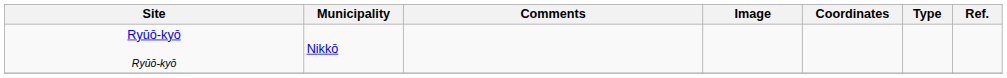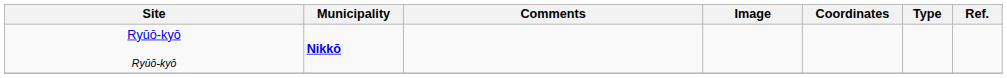 <table class="wikitable sortable"  style="width:100%;">
 <tr>
 <th width="30%" align="left">Site</th>
 <th width="10%" align="left">Municipality</th>
 <th width="30%" align="left" class="unsortable">Comments</th>
 <th width="10%" align="left"  class="unsortable">Image</th>
 <th width="10%" align="left" class="unsortable">Coordinates</th>
 <th width="5%" align="left">Type</th>
 <th width="5%" align="left"  class="unsortable">Ref.</th>
 </tr>
 <tr>
 <td align="center"><a href='#'>Ryūō-kyō</a><br><br><small><em>Ryūō-kyō</em></small></td>
-<td><a href='#'>Nikkō</a></td>
+<td><strong><a href='#'>Nikkō</a></strong></td>
 <td></td>
 <td></td>
 <td></td>
 <td></td>
 <td></td>
 </tr>
 <tr>
 </tr>
 </table>
